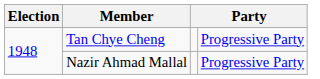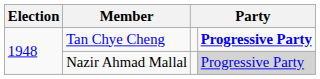 <table class="wikitable">
 <tr>
 <th>Election</th>
 <th>Member</th>
 <th colspan="2">Party</th>
 </tr>
 <tr>
 <td rowspan="2"><a href='#'>1948</a></td>
 <td><a href='#'>Tan Chye Cheng</a></td>
 <td bgcolor=></td>
-<td><a href='#'>Progressive Party</a></td>
+<td><strong><a href='#'>Progressive Party</a></strong></td>
 </tr>
 <tr>
 <td>Nazir Ahmad Mallal</td>
 <td bgcolor=></td>
-<td><a href='#'>Progressive Party</a></td>
+<td style="background: lightgrey;"><a href='#'>Progressive Party</a></td>
 </tr>
 </table>
